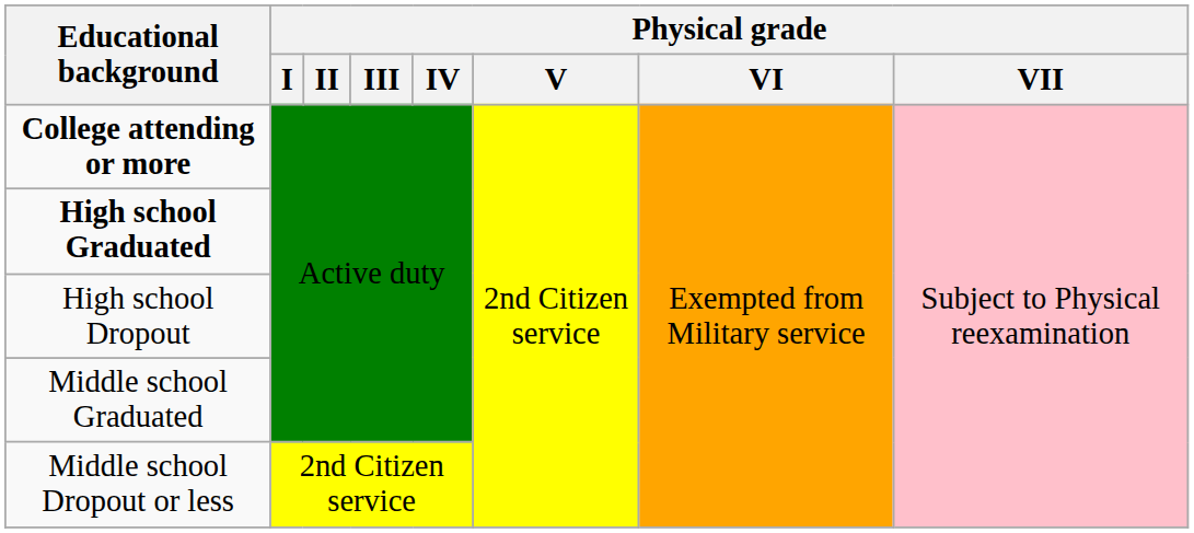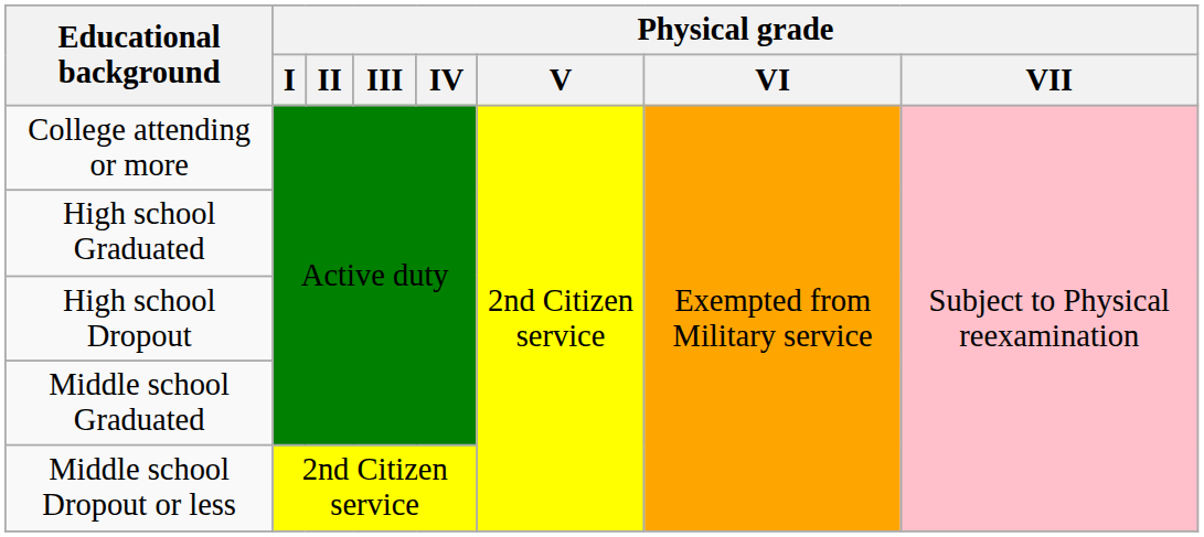 <table class="wikitable">
 <tr>
 <th rowspan="2">Educational background</th>
 <th colspan="7">Physical grade</th>
 </tr>
 <tr>
 <th>I</th>
 <th>II</th>
 <th>III</th>
 <th>IV</th>
 <th>V</th>
 <th>VI</th>
 <th>VII</th>
 </tr>
 <tr>
-<td div style="text-align:center"><strong>College attending or more</strong></td>
+<td div style="text-align:center">College attending or more</td>
 <td colspan="4" rowspan="4" div style="background:green; text-align:center;">Active duty</td>
 <td style="text-align:center; background:yellow;" rowspan="5" div>2nd Citizen service</td>
 <td rowspan="5" div style="background:orange; text-align:center;">Exempted from Military service</td>
 <td rowspan="5" div style="background:pink; text-align:center;">Subject to Physical reexamination</td>
 </tr>
 <tr>
-<td div style="text-align:center"><strong>High school Graduated</strong></td>
+<td div style="text-align:center">High school Graduated</td>
 </tr>
 <tr>
 <td div style="text-align:center">High school Dropout</td>
 </tr>
 <tr>
 <td div style="text-align:center">Middle school Graduated</td>
 </tr>
 <tr>
 <td div style="text-align:center">Middle school Dropout or less</td>
 <td style="text-align:center; background:yellow;" colspan="4" div>2nd Citizen service</td>
 </tr>
 </table>
